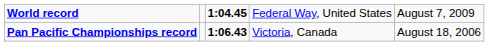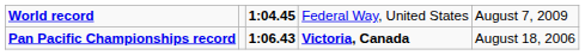 <table class="wikitable">
 <tr>
 <td><strong><a href='#'>World record</a></strong></td>
 <td></td>
 <td><strong>1:04.45</strong></td>
 <td><a href='#'>Federal Way</a>, United States</td>
 <td>August 7, 2009</td>
 </tr>
 <tr>
 <td><strong><a href='#'>Pan Pacific Championships record</a></strong></td>
 <td></td>
 <td><strong>1:06.43</strong></td>
-<td><a href='#'>Victoria</a>, Canada</td>
+<td><strong><a href='#'>Victoria</a>, Canada</strong></td>
 <td>August 18, 2006</td>
 </tr>
 </table>
